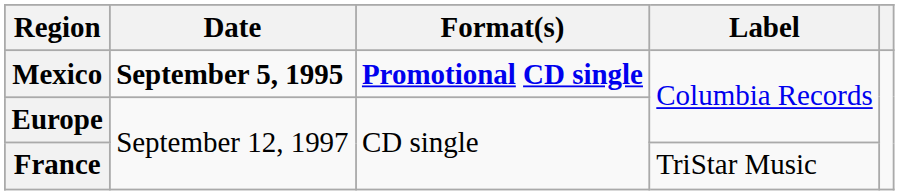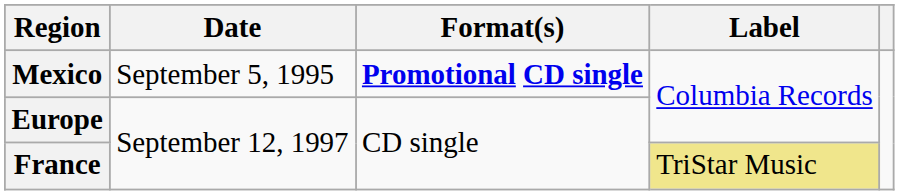 <table class="wikitable plainrowheaders" border="1">
 <tr>
 <th scope="col">Region</th>
 <th scope="col">Date</th>
 <th scope="col">Format(s)</th>
 <th scope="col">Label</th>
 <th scope="col"></th>
 </tr>
 <tr>
 <th scope="row">Mexico</th>
-<td><strong>September 5, 1995</strong></td>
+<td>September 5, 1995</td>
 <td><strong><a href='#'>Promotional</a> <a href='#'>CD single</a></strong></td>
 <td rowspan="2"><a href='#'>Columbia Records</a></td>
 <td style="text-align:center;"rowspan="3"></td>
 </tr>
 <tr>
 <th scope="row">Europe</th>
 <td rowspan="2">September 12, 1997</td>
 <td rowspan="2">CD single</td>
 </tr>
 <tr>
 <th scope="row">France</th>
-<td>TriStar Music</td>
+<td style="background: khaki;">TriStar Music</td>
 </tr>
 </table>
